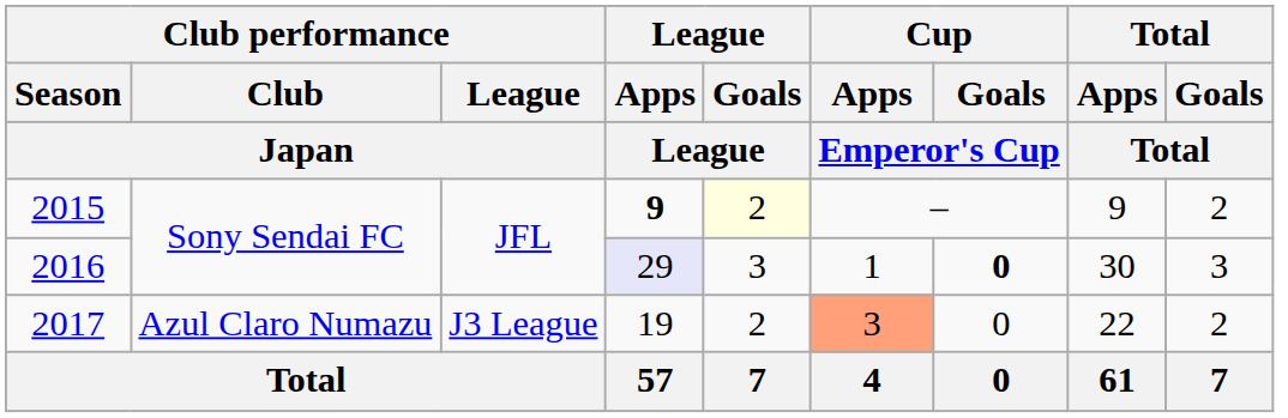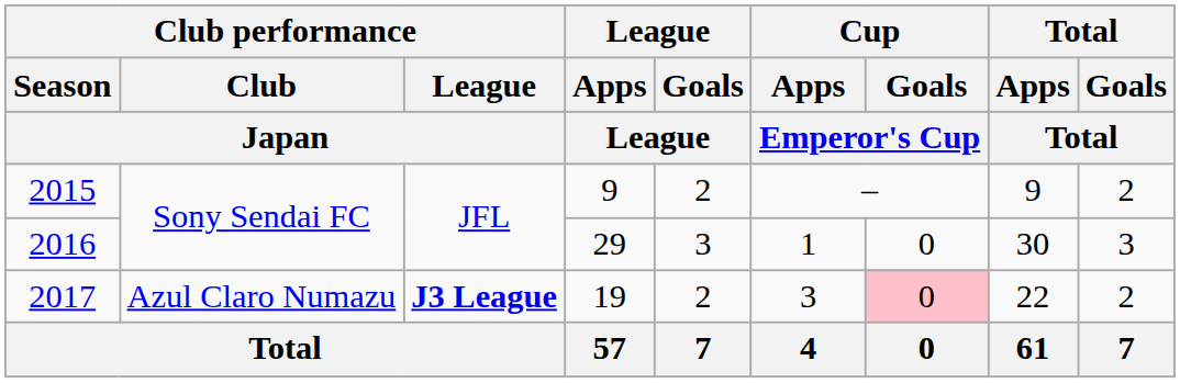 <table class="wikitable" style="text-align:center;">
 <tr>
 <th colspan=3>Club performance</th>
 <th colspan=2>League</th>
 <th colspan=2>Cup</th>
 <th colspan=2>Total</th>
 </tr>
 <tr>
 <th>Season</th>
 <th>Club</th>
 <th>League</th>
 <th>Apps</th>
 <th>Goals</th>
 <th>Apps</th>
 <th>Goals</th>
 <th>Apps</th>
 <th>Goals</th>
 </tr>
 <tr>
 <th colspan=3>Japan</th>
 <th colspan=2>League</th>
 <th colspan=2><a href='#'>Emperor's Cup</a></th>
 <th colspan=2>Total</th>
 </tr>
 <tr>
 <td><a href='#'>2015</a></td>
 <td rowspan="2"><a href='#'>Sony Sendai FC</a></td>
 <td rowspan="2"><a href='#'>JFL</a></td>
-<td><strong>9</strong></td>
-<td style="background: lightyellow;">2</td>
+<td>9</td>
+<td>2</td>
 <td colspan="2">–</td>
 <td>9</td>
 <td>2</td>
 </tr>
 <tr>
 <td><a href='#'>2016</a></td>
-<td style="background: lavender;">29</td>
+<td>29</td>
 <td>3</td>
 <td>1</td>
-<td><strong>0</strong></td>
+<td>0</td>
 <td>30</td>
 <td>3</td>
 </tr>
 <tr>
 <td><a href='#'>2017</a></td>
 <td rowspan="1"><a href='#'>Azul Claro Numazu</a></td>
-<td rowspan="1"><a href='#'>J3 League</a></td>
+<td rowspan="1"><strong><a href='#'>J3 League</a></strong></td>
 <td>19</td>
 <td>2</td>
-<td style="background: lightsalmon;">3</td>
-<td>0</td>
+<td>3</td>
+<td style="background: pink;">0</td>
 <td>22</td>
 <td>2</td>
 </tr>
 <tr>
 <th colspan=3>Total</th>
 <th>57</th>
 <th>7</th>
 <th>4</th>
 <th>0</th>
 <th>61</th>
 <th>7</th>
 </tr>
 </table>
